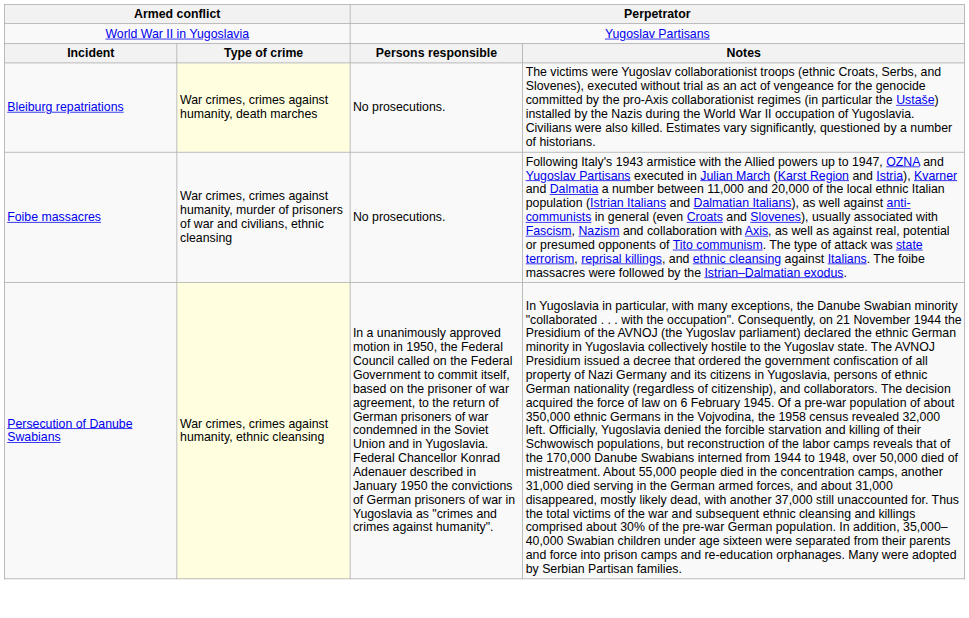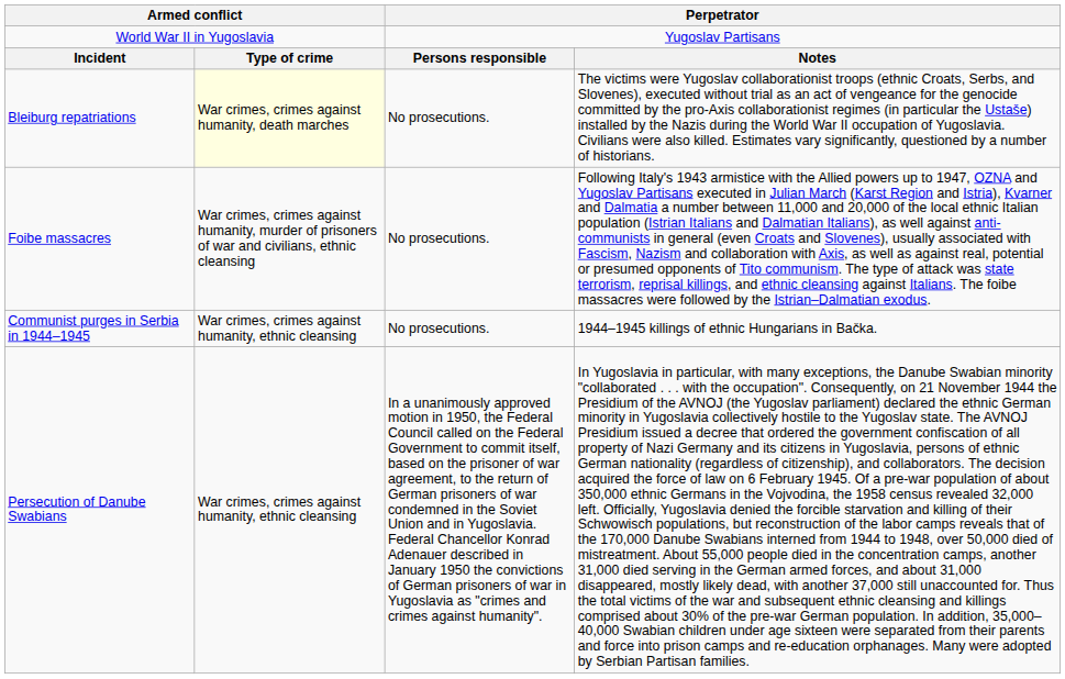 <table class="wikitable">
 <tr>
 <th colspan="2">Armed conflict</th>
 <th colspan="2">Perpetrator</th>
 </tr>
 <tr style="text-align:center;">
 <td colspan="2"><a href='#'>World War II in Yugoslavia</a></td>
 <td colspan="2"><a href='#'>Yugoslav Partisans</a></td>
 </tr>
 <tr>
 <th>Incident</th>
 <th>Type of crime</th>
 <th>Persons responsible</th>
 <th>Notes</th>
 </tr>
 <tr>
 <td><a href='#'>Bleiburg repatriations</a></td>
 <td style="background: lightyellow;">War crimes, crimes against humanity, death marches</td>
 <td>No prosecutions.</td>
 <td>The victims were Yugoslav collaborationist troops (ethnic Croats, Serbs, and Slovenes), executed without trial as an act of vengeance for the genocide committed by the pro-Axis collaborationist regimes (in particular the <a href='#'>Ustaše</a>) installed by the Nazis during the World War II occupation of Yugoslavia. Civilians were also killed. Estimates vary significantly, questioned by a number of historians.</td>
 </tr>
 <tr>
 <td style="width:18%;"><a href='#'>Foibe massacres</a></td>
 <td style="width:18%;">War crimes, crimes against humanity, murder of prisoners of war and civilians, ethnic cleansing</td>
 <td style="width:18%;">No prosecutions.</td>
 <td style="width:46%;">Following Italy's 1943 armistice with the Allied powers up to 1947, <a href='#'>OZNA</a> and <a href='#'>Yugoslav Partisans</a> executed in <a href='#'>Julian March</a> (<a href='#'>Karst Region</a> and <a href='#'>Istria</a>), <a href='#'>Kvarner</a> and <a href='#'>Dalmatia</a> a number between 11,000 and 20,000 of the local ethnic Italian population (<a href='#'>Istrian Italians</a> and <a href='#'>Dalmatian Italians</a>), as well against <a href='#'>anti-communists</a> in general (even <a href='#'>Croats</a> and <a href='#'>Slovenes</a>), usually associated with <a href='#'>Fascism</a>, <a href='#'>Nazism</a> and collaboration with <a href='#'>Axis</a>, as well as against real, potential or presumed opponents of <a href='#'>Tito communism</a>. The type of attack was <a href='#'>state terrorism</a>, <a href='#'>reprisal killings</a>, and <a href='#'>ethnic cleansing</a> against <a href='#'>Italians</a>. The foibe massacres were followed by the <a href='#'>Istrian–Dalmatian exodus</a>.</td>
 </tr>
 <tr>
+<td><a href='#'>Communist purges in Serbia in 1944–1945</a></td>
+<td>War crimes, crimes against humanity, ethnic cleansing</td>
+<td>No prosecutions.</td>
+<td>1944–1945 killings of ethnic Hungarians in Bačka.</td>
+</tr>
+<tr>
 <td style="width:18%;"><a href='#'>Persecution of Danube Swabians</a></td>
-<td style="background: lightyellow; width:18%;">War crimes, crimes against humanity, ethnic cleansing</td>
+<td style="width:18%;">War crimes, crimes against humanity, ethnic cleansing</td>
 <td style="width:18%;">In a unanimously approved motion in 1950, the Federal Council called on the Federal Government to commit itself, based on the prisoner of war agreement, to the return of German prisoners of war condemned in the Soviet Union and in Yugoslavia. Federal Chancellor Konrad Adenauer described in January 1950 the convictions of German prisoners of war in Yugoslavia as "crimes and crimes against humanity".</td>
 <td style="width:46%;"><br>In Yugoslavia in particular, with many exceptions, the Danube Swabian minority "collaborated . . . with the occupation". Consequently, on 21 November 1944 the Presidium of the AVNOJ (the Yugoslav parliament) declared the ethnic German minority in Yugoslavia collectively hostile to the Yugoslav state. The AVNOJ Presidium issued a decree that ordered the government confiscation of all property of Nazi Germany and its citizens in Yugoslavia, persons of ethnic German nationality (regardless of citizenship), and collaborators. The decision acquired the force of law on 6 February 1945. Of a pre-war population of about 350,000 ethnic Germans in the Vojvodina, the 1958 census revealed 32,000 left. Officially, Yugoslavia denied the forcible starvation and killing of their Schwowisch populations, but reconstruction of the labor camps reveals that of the 170,000 Danube Swabians interned from 1944 to 1948, over 50,000 died of mistreatment.  About 55,000 people died in the concentration camps, another 31,000 died serving in the German armed forces, and about 31,000 disappeared, mostly likely dead, with another 37,000 still unaccounted for. Thus the total victims of the war and subsequent ethnic cleansing and killings comprised about 30% of the pre-war German population. In addition, 35,000–40,000 Swabian children under age sixteen were separated from their parents and force into prison camps and re-education orphanages. Many were adopted by Serbian Partisan families.</td>
 </tr>
 </table>
